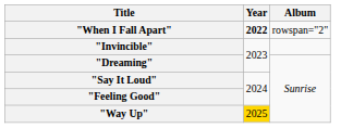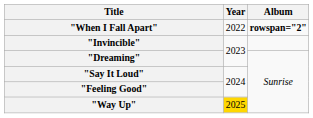 <table class="wikitable plainrowheaders" style="text-align:center;">
 <tr>
 <th scope="col" style="width:22em;">Title</th>
 <th scope="col">Year</th>
 <th scope="col">Album</th>
 </tr>
 <tr>
 <th scope="row">"When I Fall Apart"</th>
-<td><strong>2022</strong></td>
-<td>rowspan="2" </td>
+<td>2022</td>
+<td><strong>rowspan="2" </strong></td>
 </tr>
 <tr>
 <th scope="row">"Invincible"</th>
 <td rowspan="2">2023</td>
 </tr>
 <tr>
 <th scope="row">"Dreaming"</th>
 <td rowspan="4"><em>Sunrise</em></td>
 </tr>
 <tr>
 <th scope="row">"Say It Loud"</th>
 <td rowspan="2">2024</td>
 </tr>
 <tr>
 <th scope="row">"Feeling Good"</th>
 </tr>
 <tr>
 <th scope="row">"Way Up"</th>
 <td style="background: gold;">2025</td>
 </tr>
 </table>
